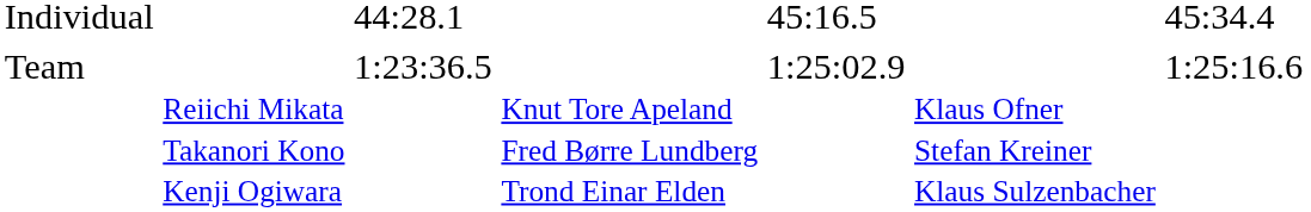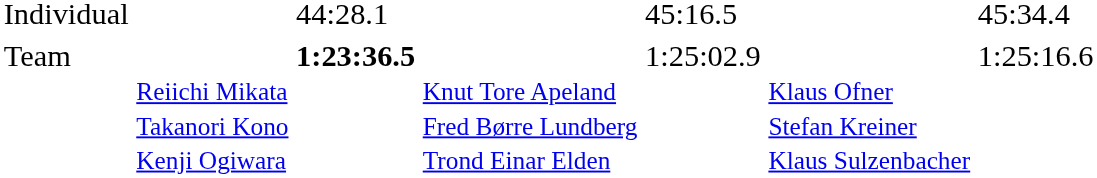 <table>
 <tr valign="top">
 <td>Individual <br></td>
 <td></td>
 <td>44:28.1</td>
 <td></td>
 <td>45:16.5</td>
 <td></td>
 <td>45:34.4</td>
 </tr>
 <tr valign="top">
 <td>Team <br></td>
 <td> <small><br><a href='#'>Reiichi Mikata</a><br><a href='#'>Takanori Kono</a><br><a href='#'>Kenji Ogiwara</a></small></td>
-<td>1:23:36.5</td>
+<td><strong>1:23:36.5</strong></td>
 <td> <small><br><a href='#'>Knut Tore Apeland</a><br><a href='#'>Fred Børre Lundberg</a><br><a href='#'>Trond Einar Elden</a></small></td>
 <td>1:25:02.9</td>
 <td> <small><br><a href='#'>Klaus Ofner</a><br><a href='#'>Stefan Kreiner</a><br><a href='#'>Klaus Sulzenbacher</a></small></td>
 <td>1:25:16.6</td>
 </tr>
 </table>
